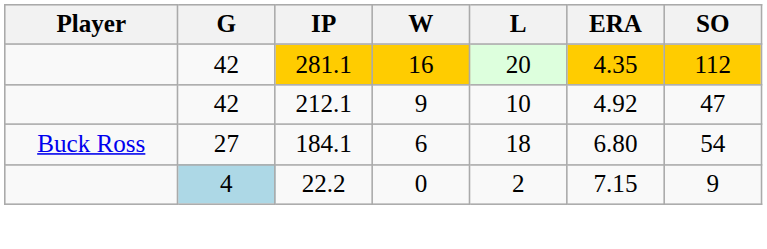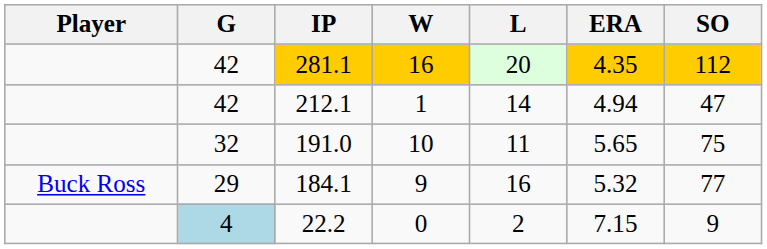 <table class="wikitable sortable">
 <tr>
 <th bgcolor="#DDDDFF" width="16%">Player</th>
 <th bgcolor="#DDDDFF" width="9%">G</th>
 <th bgcolor="#DDDDFF" width="9%">IP</th>
 <th bgcolor="#DDDDFF" width="9%">W</th>
 <th bgcolor="#DDDDFF" width="9%">L</th>
 <th bgcolor="#DDDDFF" width="9%">ERA</th>
 <th bgcolor="#DDDDFF" width="9%">SO</th>
 </tr>
 <tr align="center">
 <td></td>
 <td>42</td>
 <td style="background:#fc0;">281.1</td>
 <td style="background:#fc0;">16</td>
 <td style="background:#DDFFDD;">20</td>
 <td style="background:#fc0;">4.35</td>
 <td style="background:#fc0;">112</td>
 </tr>
 <tr align="center">
 <td></td>
 <td>42</td>
 <td>212.1</td>
-<td>9</td>
-<td>10</td>
-<td>4.92</td>
+<td>1</td>
+<td>14</td>
+<td>4.94</td>
 <td>47</td>
 </tr>
 <tr align="center">
+<td></td>
+<td>32</td>
+<td>191.0</td>
+<td>10</td>
+<td>11</td>
+<td>5.65</td>
+<td>75</td>
+</tr>
+<tr align="center">
 <td><a href='#'>Buck Ross</a></td>
-<td>27</td>
+<td>29</td>
 <td>184.1</td>
-<td>6</td>
-<td>18</td>
-<td>6.80</td>
-<td>54</td>
+<td>9</td>
+<td>16</td>
+<td>5.32</td>
+<td>77</td>
 </tr>
 <tr align=center>
 <td></td>
 <td style="background: lightblue;">4</td>
 <td>22.2</td>
 <td>0</td>
 <td>2</td>
 <td>7.15</td>
 <td>9</td>
 </tr>
 </table>
